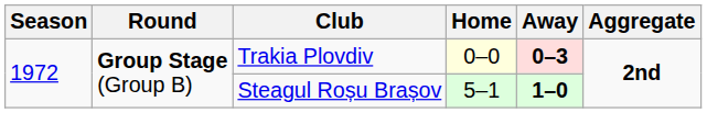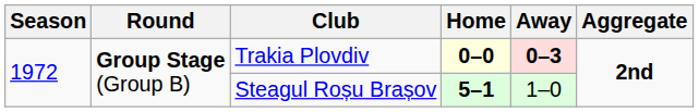 <table class="wikitable">
 <tr>
 <th>Season</th>
 <th>Round</th>
 <th>Club</th>
 <th>Home</th>
 <th>Away</th>
 <th>Aggregate</th>
 </tr>
 <tr>
 <td rowspan="3"><a href='#'>1972</a></td>
 <td rowspan=3><strong>Group Stage</strong><br>(Group B)</td>
 <td> <a href='#'>Trakia Plovdiv</a></td>
-<td style="text-align:center; background:#ffd;">0–0</td>
+<td style="text-align:center; background:#ffd;"><strong>0–0</strong></td>
 <td style="text-align:center; background:#fdd;"><strong>0–3</strong></td>
 <td style="text-align:center;" rowspan=3><strong>2nd</strong></td>
 </tr>
 <tr>
 <td> <a href='#'>Steagul Roșu Brașov</a></td>
-<td style="text-align:center; background:#dfd;">5–1</td>
-<td style="text-align:center; background:#dfd;"><strong>1–0</strong></td>
+<td style="text-align:center; background:#dfd;"><strong>5–1</strong></td>
+<td style="text-align:center; background:#dfd;">1–0</td>
 </tr>
 </table>
